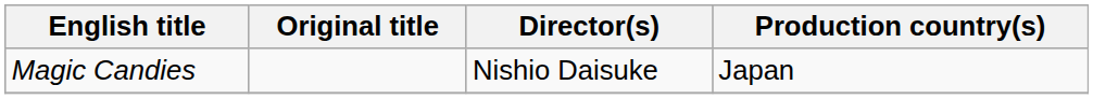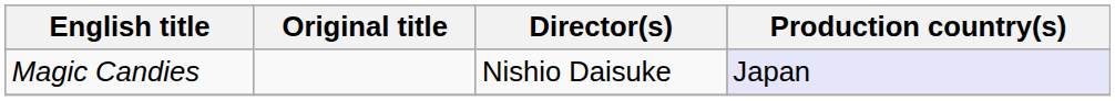 <table class="sortable wikitable" style="width:100%; margin-bottom:4px" cellpadding="5">
 <tr>
 <th scope="col">English title</th>
 <th scope="col">Original title</th>
 <th scope="col">Director(s)</th>
 <th scope="col">Production country(s)</th>
 </tr>
 <tr>
 <td><em>Magic Candies</em></td>
 <td></td>
 <td>Nishio Daisuke</td>
-<td>Japan</td>
+<td style="background: lavender;">Japan</td>
 </tr>
 <tr>
 </tr>
 </table>
